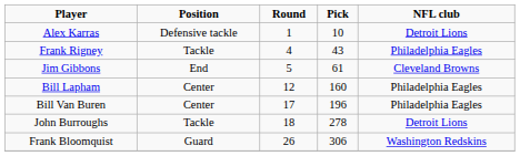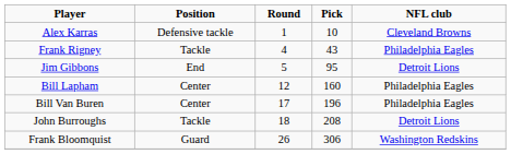 <table class="wikitable" width="80%">
 <tr align="center">
 <td><strong>Player</strong></td>
 <td><strong>Position</strong></td>
 <td><strong>Round</strong></td>
 <td><strong>Pick</strong></td>
 <td><strong>NFL club</strong></td>
 </tr>
 <tr align="center" bgcolor="">
 <td><a href='#'>Alex Karras</a></td>
 <td>Defensive tackle</td>
 <td>1</td>
 <td>10</td>
-<td><a href='#'>Detroit Lions</a></td>
+<td><a href='#'>Cleveland Browns</a></td>
 </tr>
 <tr align="center" bgcolor="">
 <td><a href='#'>Frank Rigney</a></td>
 <td>Tackle</td>
 <td>4</td>
 <td>43</td>
 <td><a href='#'>Philadelphia Eagles</a></td>
 </tr>
 <tr align="center" bgcolor="">
 <td><a href='#'>Jim Gibbons</a></td>
 <td>End</td>
 <td>5</td>
-<td>61</td>
-<td><a href='#'>Cleveland Browns</a></td>
+<td>95</td>
+<td><a href='#'>Detroit Lions</a></td>
 </tr>
 <tr align="center" bgcolor="">
 <td><a href='#'>Bill Lapham</a></td>
 <td>Center</td>
 <td>12</td>
 <td>160</td>
 <td>Philadelphia Eagles</td>
 </tr>
 <tr align="center" bgcolor="">
 <td>Bill Van Buren</td>
 <td>Center</td>
 <td>17</td>
 <td>196</td>
 <td>Philadelphia Eagles</td>
 </tr>
 <tr align="center" bgcolor="">
 <td>John Burroughs</td>
 <td>Tackle</td>
 <td>18</td>
-<td>278</td>
+<td>208</td>
 <td><a href='#'>Detroit Lions</a></td>
 </tr>
 <tr align="center" bgcolor="">
 <td>Frank Bloomquist</td>
 <td>Guard</td>
 <td>26</td>
 <td>306</td>
 <td><a href='#'>Washington Redskins</a></td>
 </tr>
 <tr align="center" bgcolor="">
 </tr>
 </table>
